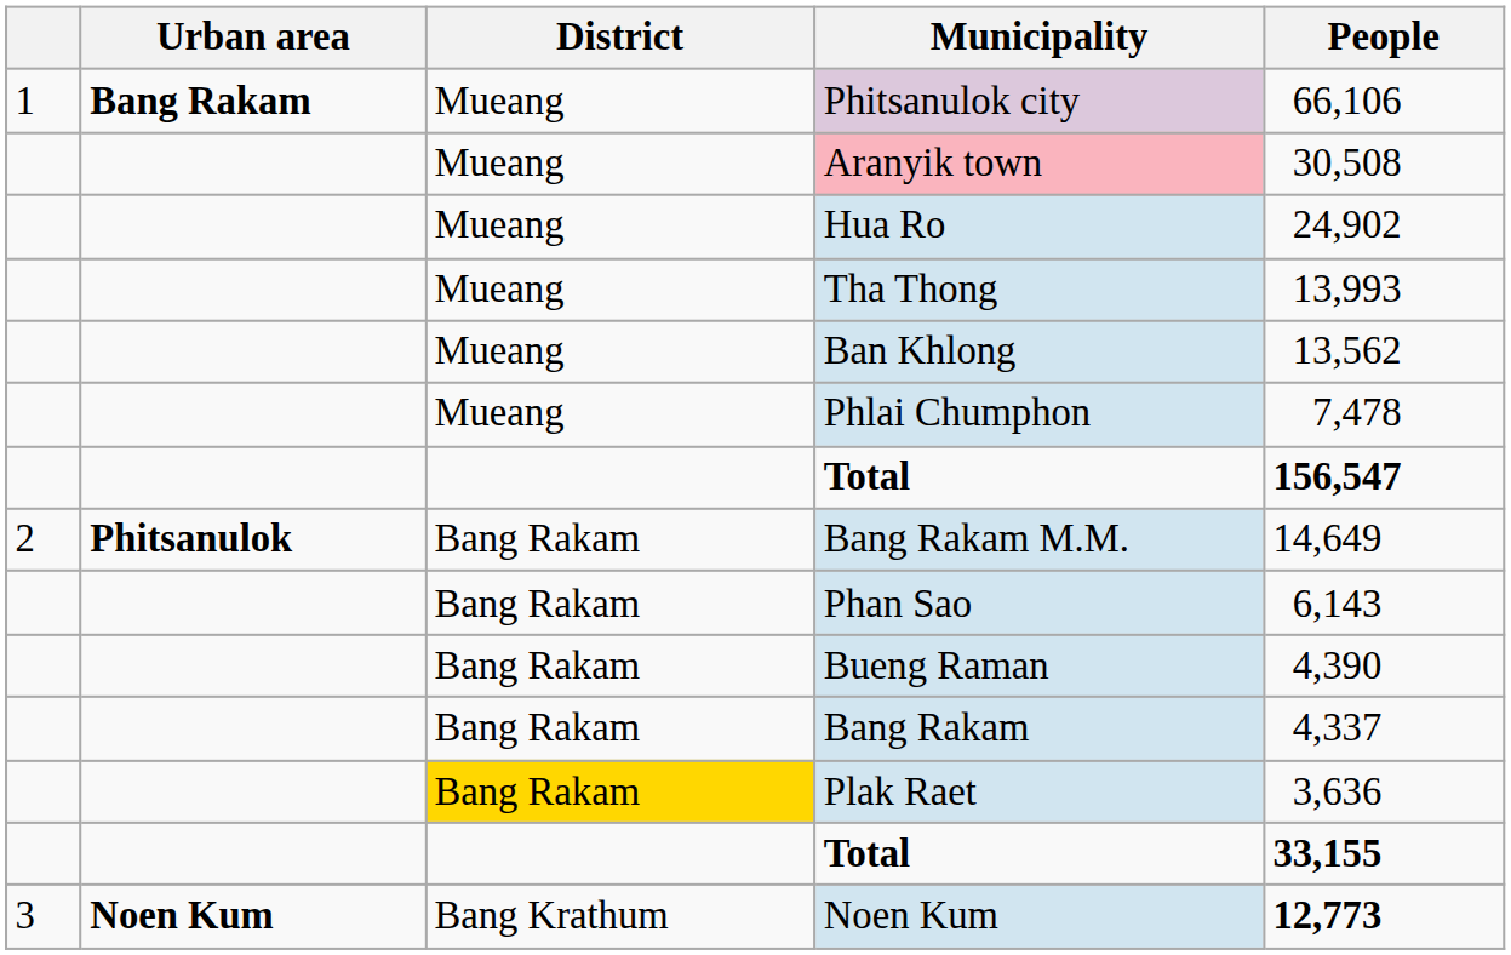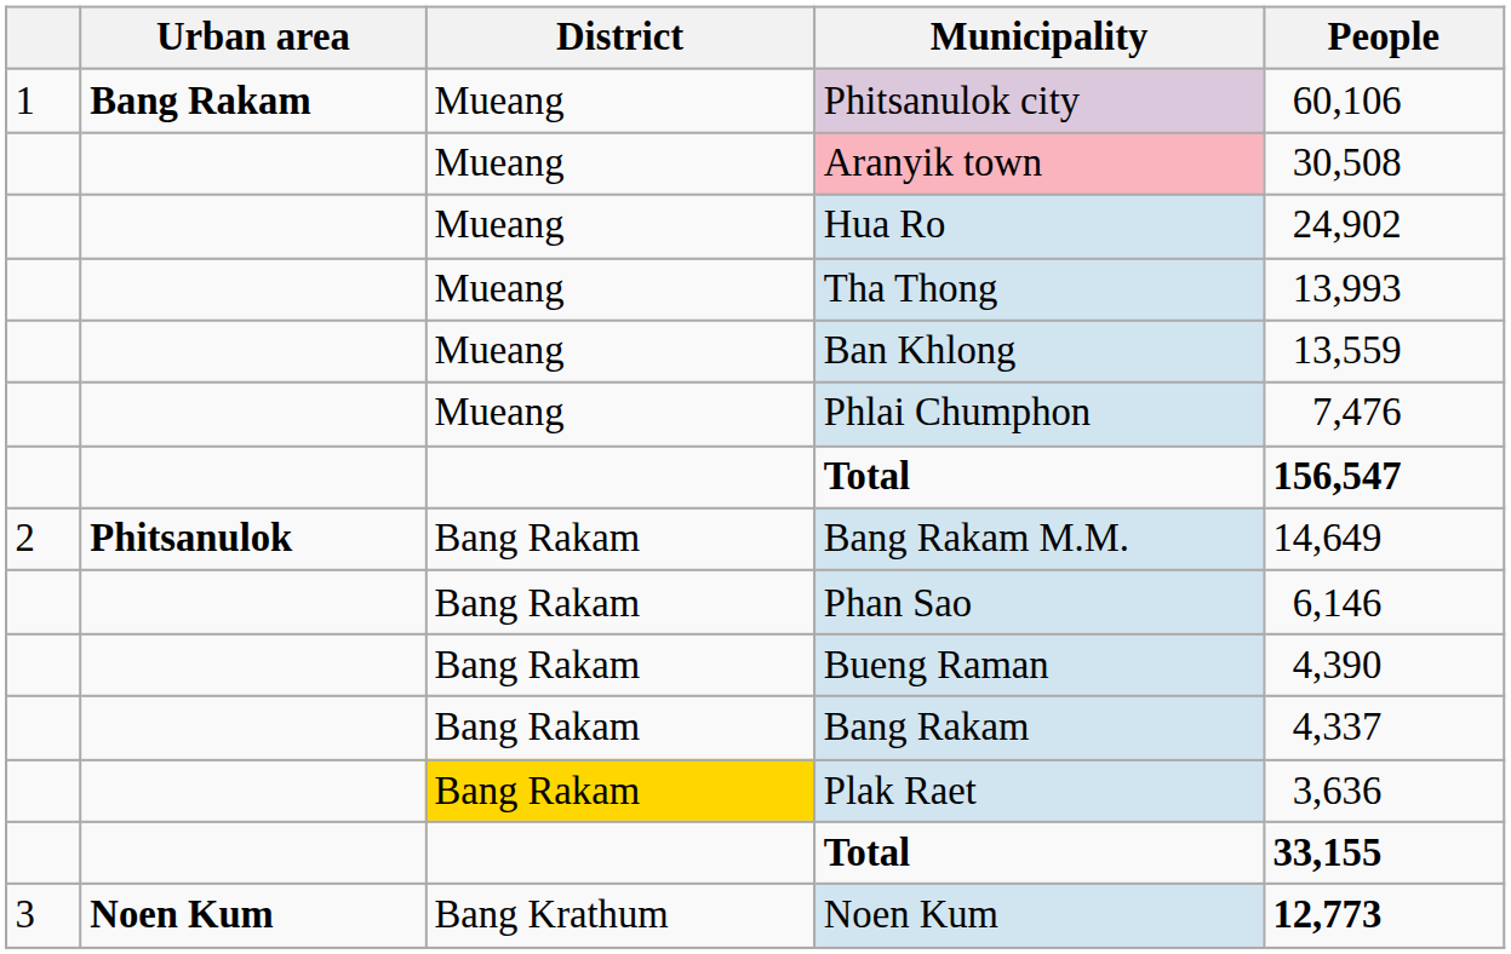 <table class="wikitable" style="width:48%; display:inline-table;">
 <tr>
 <th scope="col" style="width:5%;"> </th>
 <th scope="col" style="width:23%;">Urban area</th>
 <th scope="col" style="width:26%;">District</th>
 <th scope="col" style="width:30%;">Municipality</th>
 <th scope="col" style="width:16%;">People</th>
 </tr>
 <tr>
 <td>1</td>
 <td><strong>Bang Rakam</strong></td>
 <td>Mueang</td>
 <td style="background:#dcc8dc;">Phitsanulok city</td>
-<td>  66,106</td>
+<td>  60,106</td>
 </tr>
 <tr>
 <td> </td>
 <td> </td>
 <td>Mueang</td>
 <td style="background:#fab4be;">Aranyik town</td>
 <td>  30,508</td>
 </tr>
 <tr>
 <td> </td>
 <td> </td>
 <td>Mueang</td>
 <td style="background:#d1e5f0;">Hua Ro</td>
 <td>  24,902</td>
 </tr>
 <tr>
 <td> </td>
 <td> </td>
 <td>Mueang</td>
 <td style="background:#d1e5f0;">Tha Thong</td>
 <td>  13,993</td>
 </tr>
 <tr>
 <td> </td>
 <td> </td>
 <td>Mueang</td>
 <td style="background:#d1e5f0;">Ban Khlong</td>
-<td>  13,562</td>
+<td>  13,559</td>
 </tr>
 <tr>
 <td> </td>
 <td> </td>
 <td>Mueang</td>
 <td style="background:#d1e5f0;">Phlai Chumphon</td>
-<td>    7,478</td>
+<td>    7,476</td>
 </tr>
 <tr>
 <td> </td>
 <td> </td>
 <td> </td>
 <td><strong>Total</strong></td>
 <td><strong>156,547</strong></td>
 </tr>
 <tr>
 <td>2</td>
 <td><strong>Phitsanulok</strong></td>
 <td>Bang Rakam</td>
 <td style="background:#d1e5f0;">Bang Rakam M.M.</td>
 <td>14,649</td>
 </tr>
 <tr>
 <td> </td>
 <td> </td>
 <td>Bang Rakam</td>
 <td style="background:#d1e5f0;">Phan Sao</td>
-<td>  6,143</td>
+<td>  6,146</td>
 </tr>
 <tr>
 <td> </td>
 <td> </td>
 <td>Bang Rakam</td>
 <td style="background:#d1e5f0;">Bueng Raman</td>
 <td>  4,390</td>
 </tr>
 <tr>
 <td> </td>
 <td> </td>
 <td>Bang Rakam</td>
 <td style="background:#d1e5f0;">Bang Rakam</td>
 <td>  4,337</td>
 </tr>
 <tr>
 <td> </td>
 <td> </td>
 <td style="background: gold;">Bang Rakam</td>
 <td style="background:#d1e5f0;">Plak Raet</td>
 <td>  3,636</td>
 </tr>
 <tr>
 <td> </td>
 <td> </td>
 <td> </td>
 <td><strong>Total</strong></td>
 <td><strong>33,155</strong></td>
 </tr>
 <tr>
 <td>3</td>
 <td><strong>Noen Kum</strong></td>
 <td>Bang Krathum</td>
 <td style="background:#d1e5f0;">Noen Kum</td>
 <td><strong>12,773</strong></td>
 </tr>
 </table>
